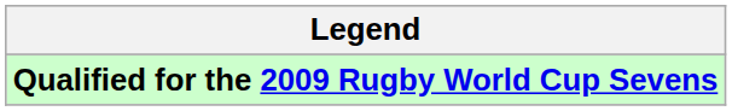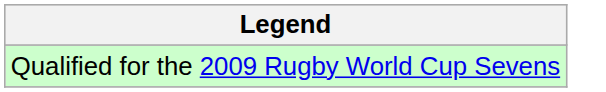 <table class="wikitable">
 <tr>
 <th>Legend</th>
 </tr>
 <tr>
-<td bgcolor="#ccffcc"><strong>Qualified for the <a href='#'>2009 Rugby World Cup Sevens</a></strong></td>
+<td bgcolor="#ccffcc">Qualified for the <a href='#'>2009 Rugby World Cup Sevens</a></td>
 </tr>
 </table>
